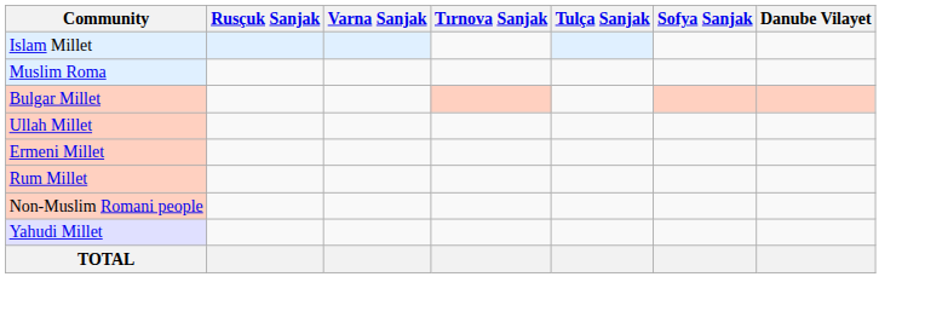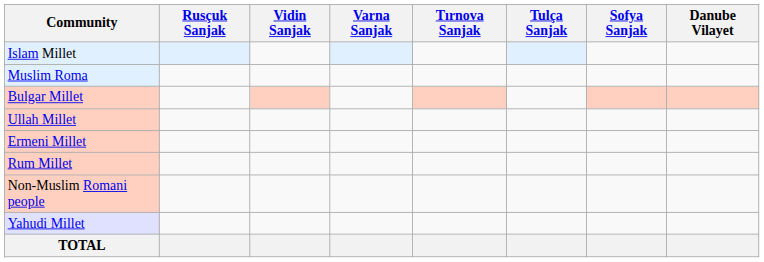 <table class="wikitable sortable">
 <tr>
 <th>Community</th>
 <th><a href='#'>Rusçuk</a> <a href='#'>Sanjak</a></th>
+<th><a href='#'>Vidin</a> <a href='#'>Sanjak</a></th>
 <th><a href='#'>Varna</a> <a href='#'>Sanjak</a></th>
 <th><a href='#'>Tırnova</a> <a href='#'>Sanjak</a></th>
 <th><a href='#'>Tulça</a> <a href='#'>Sanjak</a></th>
 <th><a href='#'>Sofya</a> <a href='#'>Sanjak</a></th>
 <th>Danube Vilayet</th>
 </tr>
 <tr>
 <td style="background:#E0F0FF;"><a href='#'>Islam</a> Millet</td>
 <td style="background:#E0F0FF;"></td>
+<td></td>
 <td style="background:#E0F0FF; "></td>
 <td></td>
 <td style="background:#E0F0FF; "></td>
 <td></td>
 <td style="text-align:right;"></td>
 </tr>
 <tr>
 <td style="background:#E0F0FF;"><a href='#'>Muslim Roma</a></td>
 <td></td>
 <td></td>
 <td></td>
 <td></td>
 <td></td>
+<td></td>
 <td style="text-align:right;"></td>
 </tr>
 <tr>
 <td style="background:#FFD0C0;"><a href='#'>Bulgar Millet</a></td>
 <td></td>
+<td style="background:#FFD0C0;"></td>
 <td></td>
 <td style="background:#FFD0C0;"></td>
 <td></td>
 <td style="background:#FFD0C0;"></td>
 <td style="background:#FFD0C0; text-align:right;"></td>
 </tr>
 <tr>
 <td style="background:#FFD0C0;"><a href='#'>Ullah Millet</a></td>
+<td></td>
 <td></td>
 <td></td>
 <td></td>
 <td></td>
 <td></td>
 <td style="text-align:right;"></td>
 </tr>
 <tr>
 <td style="background:#FFD0C0;"><a href='#'>Ermeni Millet</a></td>
 <td></td>
 <td></td>
 <td></td>
 <td></td>
 <td></td>
+<td></td>
 <td style="text-align:right;"></td>
 </tr>
 <tr>
 <td style="background:#FFD0C0;"><a href='#'>Rum Millet</a></td>
+<td></td>
 <td></td>
 <td></td>
 <td></td>
 <td></td>
 <td></td>
 <td style="text-align:right;"></td>
 </tr>
 <tr>
 <td style="background:#FFD0C0;">Non-Muslim <a href='#'>Romani people</a></td>
 <td></td>
 <td></td>
 <td></td>
 <td></td>
 <td></td>
+<td></td>
 <td style="text-align:right;"></td>
 </tr>
 <tr>
 <td style="background:#E0E0FF;"><a href='#'>Yahudi Millet</a></td>
+<td></td>
 <td></td>
 <td></td>
 <td></td>
 <td></td>
 <td></td>
 <td style="text-align:right;"></td>
 </tr>
 <tr>
 <th><strong>TOTAL</strong></th>
 <th></th>
 <th></th>
 <th></th>
 <th></th>
 <th></th>
 <th></th>
+<th></th>
 </tr>
 </table>
